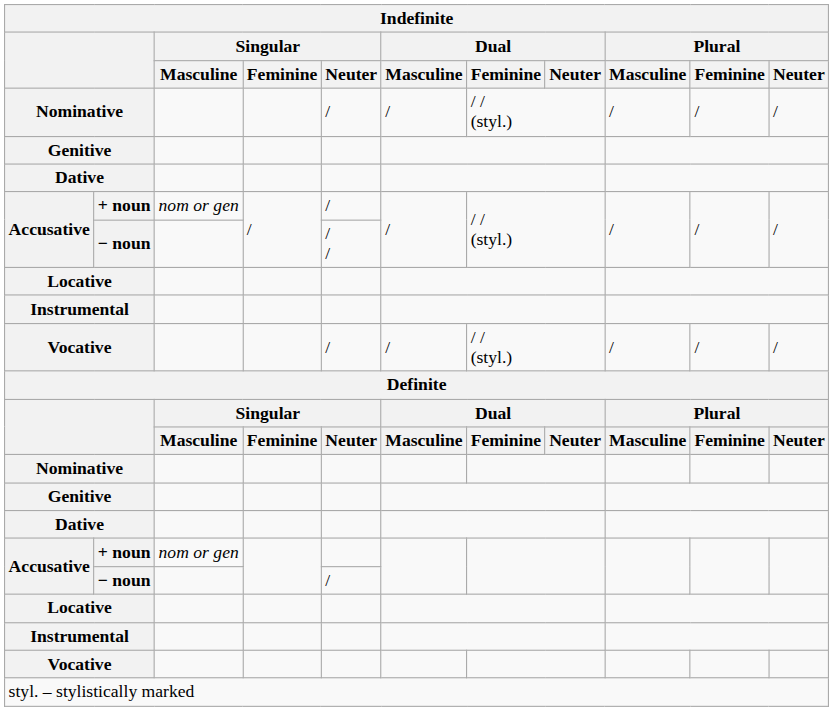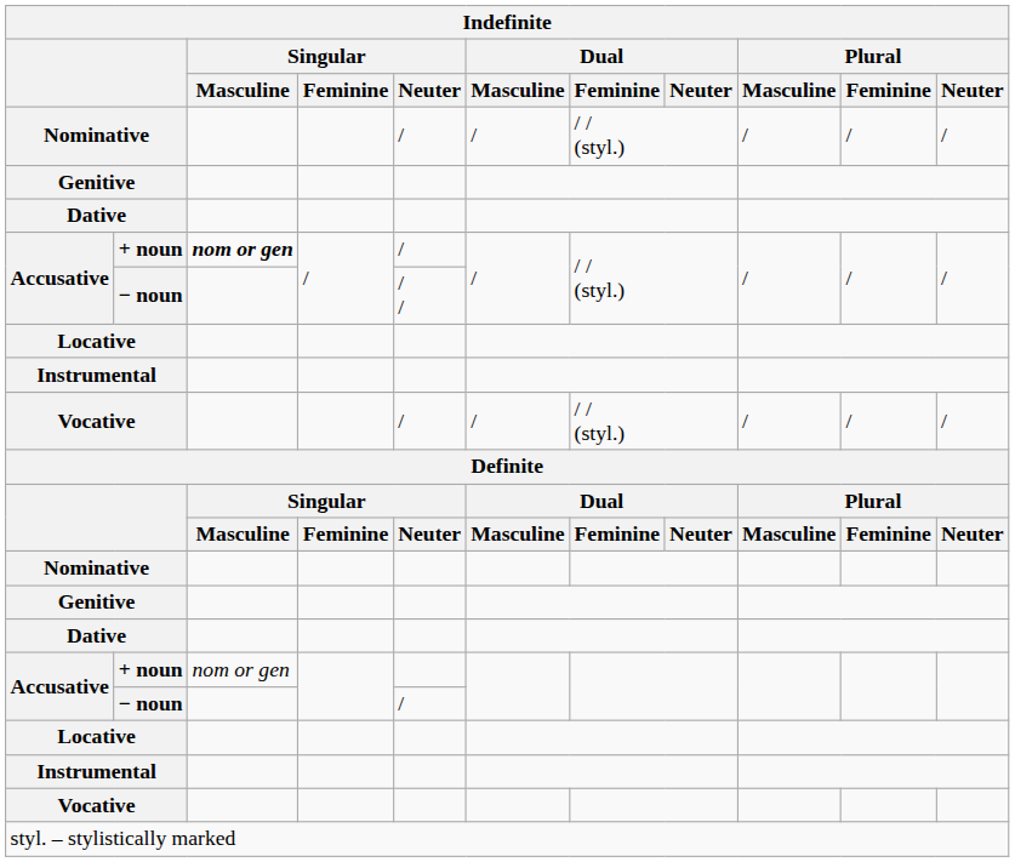 <table class="wikitable">
 <tr>
 <th colspan="11">Indefinite</th>
 </tr>
 <tr>
 <th colspan="2" rowspan="2"></th>
 <th colspan="3">Singular</th>
 <th colspan="3">Dual</th>
 <th colspan="3">Plural</th>
 </tr>
 <tr>
 <th>Masculine</th>
 <th>Feminine</th>
 <th>Neuter</th>
 <th>Masculine</th>
 <th>Feminine</th>
 <th>Neuter</th>
 <th>Masculine</th>
 <th>Feminine</th>
 <th>Neuter</th>
 </tr>
 <tr>
 <th colspan="2">Nominative</th>
 <td></td>
 <td></td>
 <td> /<br></td>
 <td> /<br></td>
 <td colspan="2"> /  /<br> (styl.)</td>
 <td> /<br></td>
 <td> /<br></td>
 <td> /<br></td>
 </tr>
 <tr>
 <th colspan="2">Genitive</th>
 <td></td>
 <td></td>
 <td></td>
 <td colspan="3"></td>
 <td colspan="3"></td>
 </tr>
 <tr>
 <th colspan="2">Dative</th>
 <td></td>
 <td></td>
 <td></td>
 <td colspan="3"></td>
 <td colspan="3"></td>
 </tr>
 <tr>
 <th rowspan="2">Accusative</th>
 <th>+ noun</th>
-<td><em>nom or gen</em></td>
+<td><strong><em>nom or gen</em></strong></td>
 <td rowspan="2"> /<br></td>
 <td> /<br></td>
 <td rowspan="2"> /<br></td>
 <td colspan="2" rowspan="2"> /  /<br> (styl.)</td>
 <td rowspan="2"> /<br></td>
 <td rowspan="2"> /<br></td>
 <td rowspan="2"> /<br></td>
 </tr>
 <tr>
 <th>− noun</th>
 <td></td>
 <td> /<br> /<br></td>
 </tr>
 <tr>
 <th colspan="2">Locative</th>
 <td></td>
 <td></td>
 <td></td>
 <td colspan="3"></td>
 <td colspan="3"></td>
 </tr>
 <tr>
 <th colspan="2">Instrumental</th>
 <td></td>
 <td></td>
 <td></td>
 <td colspan="3"></td>
 <td colspan="3"></td>
 </tr>
 <tr>
 <th colspan="2">Vocative</th>
 <td></td>
 <td></td>
 <td> /<br></td>
 <td> /<br></td>
 <td colspan="2"> /  /<br> (styl.)</td>
 <td> /<br></td>
 <td> /<br></td>
 <td> /<br></td>
 </tr>
 <tr>
 <th colspan="11">Definite</th>
 </tr>
 <tr>
 <th colspan="2" rowspan="2"></th>
 <th colspan="3">Singular</th>
 <th colspan="3">Dual</th>
 <th colspan="3">Plural</th>
 </tr>
 <tr>
 <th>Masculine</th>
 <th>Feminine</th>
 <th>Neuter</th>
 <th>Masculine</th>
 <th>Feminine</th>
 <th>Neuter</th>
 <th>Masculine</th>
 <th>Feminine</th>
 <th>Neuter</th>
 </tr>
 <tr>
 <th colspan="2">Nominative</th>
 <td></td>
 <td></td>
 <td></td>
 <td></td>
 <td colspan="2"></td>
 <td></td>
 <td></td>
 <td></td>
 </tr>
 <tr>
 <th colspan="2">Genitive</th>
 <td></td>
 <td></td>
 <td></td>
 <td colspan="3"></td>
 <td colspan="3"></td>
 </tr>
 <tr>
 <th colspan="2">Dative</th>
 <td></td>
 <td></td>
 <td></td>
 <td colspan="3"></td>
 <td colspan="3"></td>
 </tr>
 <tr>
 <th rowspan="2">Accusative</th>
 <th>+ noun</th>
 <td><em>nom or gen</em></td>
 <td rowspan="2"></td>
 <td></td>
 <td rowspan="2"></td>
 <td colspan="2" rowspan="2"></td>
 <td rowspan="2"></td>
 <td rowspan="2"></td>
 <td rowspan="2"></td>
 </tr>
 <tr>
 <th>− noun</th>
 <td></td>
 <td> /<br></td>
 </tr>
 <tr>
 <th colspan="2">Locative</th>
 <td></td>
 <td></td>
 <td></td>
 <td colspan="3"></td>
 <td colspan="3"></td>
 </tr>
 <tr>
 <th colspan="2">Instrumental</th>
 <td></td>
 <td></td>
 <td></td>
 <td colspan="3"></td>
 <td colspan="3"></td>
 </tr>
 <tr>
 <th colspan="2">Vocative</th>
 <td></td>
 <td></td>
 <td></td>
 <td></td>
 <td colspan="2"></td>
 <td></td>
 <td></td>
 <td></td>
 </tr>
 <tr>
 <td colspan="11">styl. – stylistically marked</td>
 </tr>
 </table>
